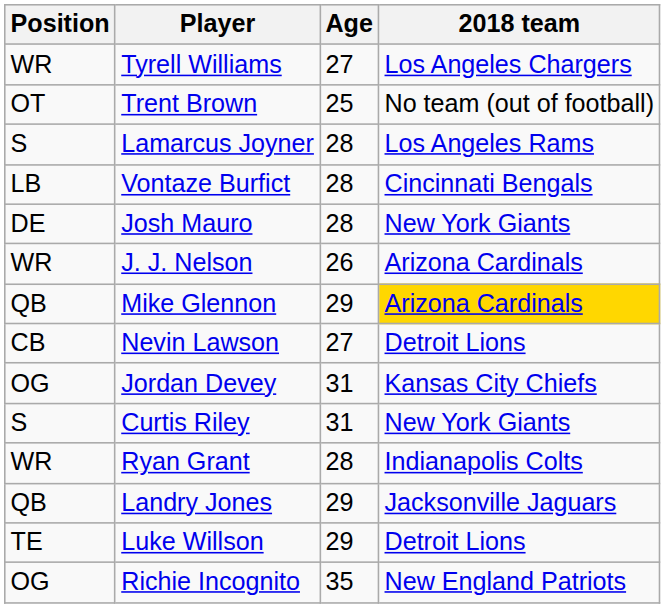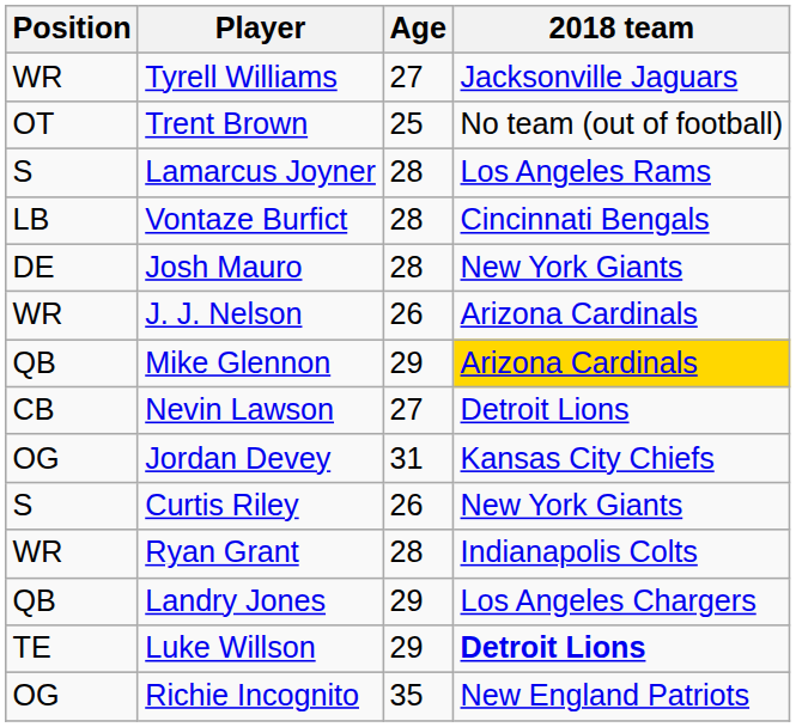 <table class="wikitable">
 <tr>
 <th>Position</th>
 <th>Player</th>
 <th>Age</th>
 <th>2018 team</th>
 </tr>
 <tr>
 <td>WR</td>
 <td><a href='#'>Tyrell Williams</a></td>
 <td>27</td>
-<td><a href='#'>Los Angeles Chargers</a></td>
+<td><a href='#'>Jacksonville Jaguars</a></td>
 </tr>
 <tr>
 <td>OT</td>
 <td><a href='#'>Trent Brown</a></td>
 <td>25</td>
 <td>No team (out of football)</td>
 </tr>
 <tr>
 <td>S</td>
 <td><a href='#'>Lamarcus Joyner</a></td>
 <td>28</td>
 <td><a href='#'>Los Angeles Rams</a></td>
 </tr>
 <tr>
 <td>LB</td>
 <td><a href='#'>Vontaze Burfict</a></td>
 <td>28</td>
 <td><a href='#'>Cincinnati Bengals</a></td>
 </tr>
 <tr>
 <td>DE</td>
 <td><a href='#'>Josh Mauro</a></td>
 <td>28</td>
 <td><a href='#'>New York Giants</a></td>
 </tr>
 <tr>
 <td>WR</td>
 <td><a href='#'>J. J. Nelson</a></td>
 <td>26</td>
 <td><a href='#'>Arizona Cardinals</a></td>
 </tr>
 <tr>
 <td>QB</td>
 <td><a href='#'>Mike Glennon</a></td>
 <td>29</td>
 <td style="background: gold;"><a href='#'>Arizona Cardinals</a></td>
 </tr>
 <tr>
 <td>CB</td>
 <td><a href='#'>Nevin Lawson</a></td>
 <td>27</td>
 <td><a href='#'>Detroit Lions</a></td>
 </tr>
 <tr>
 <td>OG</td>
 <td><a href='#'>Jordan Devey</a></td>
 <td>31</td>
 <td><a href='#'>Kansas City Chiefs</a></td>
 </tr>
 <tr>
 <td>S</td>
 <td><a href='#'>Curtis Riley</a></td>
-<td>31</td>
+<td>26</td>
 <td><a href='#'>New York Giants</a></td>
 </tr>
 <tr>
 <td>WR</td>
 <td><a href='#'>Ryan Grant</a></td>
 <td>28</td>
 <td><a href='#'>Indianapolis Colts</a></td>
 </tr>
 <tr>
 <td>QB</td>
 <td><a href='#'>Landry Jones</a></td>
 <td>29</td>
-<td><a href='#'>Jacksonville Jaguars</a></td>
+<td><a href='#'>Los Angeles Chargers</a></td>
 </tr>
 <tr>
 <td>TE</td>
 <td><a href='#'>Luke Willson</a></td>
 <td>29</td>
-<td><a href='#'>Detroit Lions</a></td>
+<td><strong><a href='#'>Detroit Lions</a></strong></td>
 </tr>
 <tr>
 <td>OG</td>
 <td><a href='#'>Richie Incognito</a></td>
 <td>35</td>
 <td><a href='#'>New England Patriots</a></td>
 </tr>
 </table>
